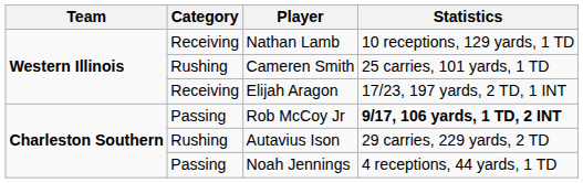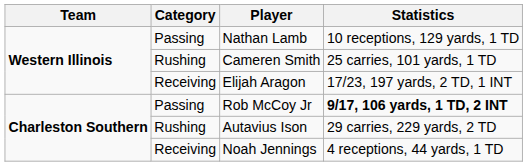 <table class="wikitable" style="float: right;">
 <tr>
 <th>Team</th>
 <th>Category</th>
 <th>Player</th>
 <th>Statistics</th>
 </tr>
 <tr>
 <td rowspan=3><strong>Western Illinois</strong></td>
-<td>Receiving</td>
+<td>Passing</td>
 <td>Nathan Lamb</td>
 <td>10 receptions, 129 yards, 1 TD</td>
 </tr>
 <tr>
 <td>Rushing</td>
 <td>Cameren Smith</td>
 <td>25 carries, 101 yards, 1 TD</td>
 </tr>
 <tr>
 <td>Receiving</td>
 <td>Elijah Aragon</td>
 <td>17/23, 197 yards, 2 TD, 1 INT</td>
 </tr>
 <tr>
 <td rowspan=3><strong>Charleston Southern</strong></td>
 <td>Passing</td>
 <td>Rob McCoy Jr</td>
 <td><strong>9/17, 106 yards, 1 TD, 2 INT</strong></td>
 </tr>
 <tr>
 <td>Rushing</td>
 <td>Autavius Ison</td>
 <td>29 carries, 229 yards, 2 TD</td>
 </tr>
 <tr>
-<td>Passing</td>
+<td>Receiving</td>
 <td>Noah Jennings</td>
 <td>4 receptions, 44 yards, 1 TD</td>
 </tr>
 </table>
